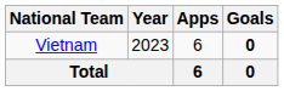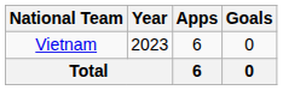 <table class="wikitable" style="text-align:center">
 <tr>
 <th>National Team</th>
 <th>Year</th>
 <th>Apps</th>
 <th>Goals</th>
 </tr>
 <tr>
 <td rowspan="1"><a href='#'>Vietnam</a></td>
 <td>2023</td>
 <td>6</td>
-<td><strong>0</strong></td>
+<td>0</td>
 </tr>
 <tr>
 <th colspan=2>Total</th>
 <th>6</th>
 <th>0</th>
 </tr>
 </table>
